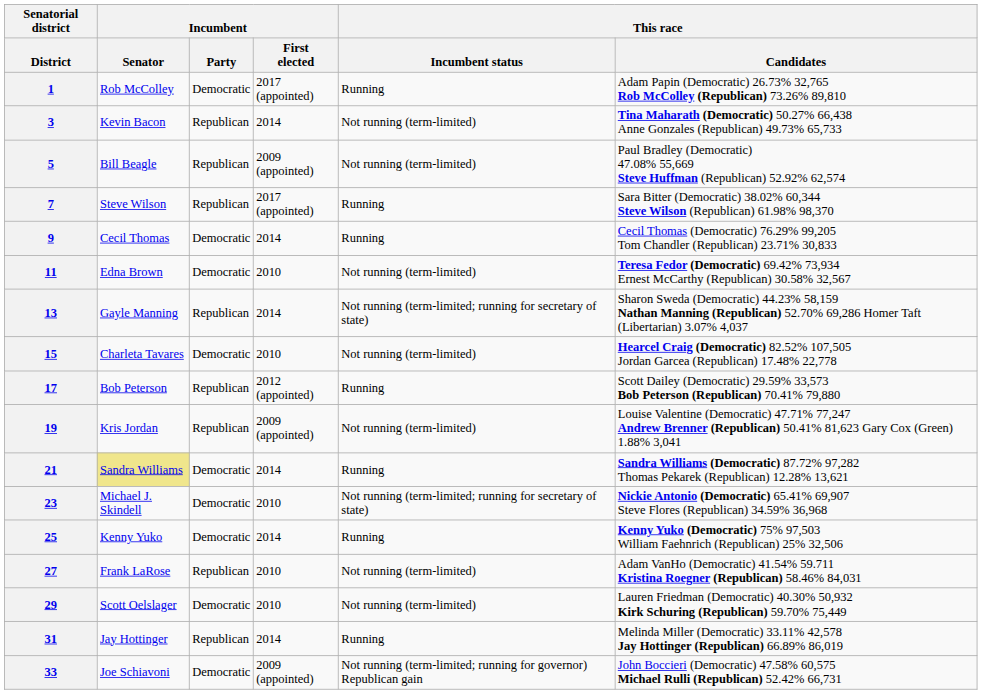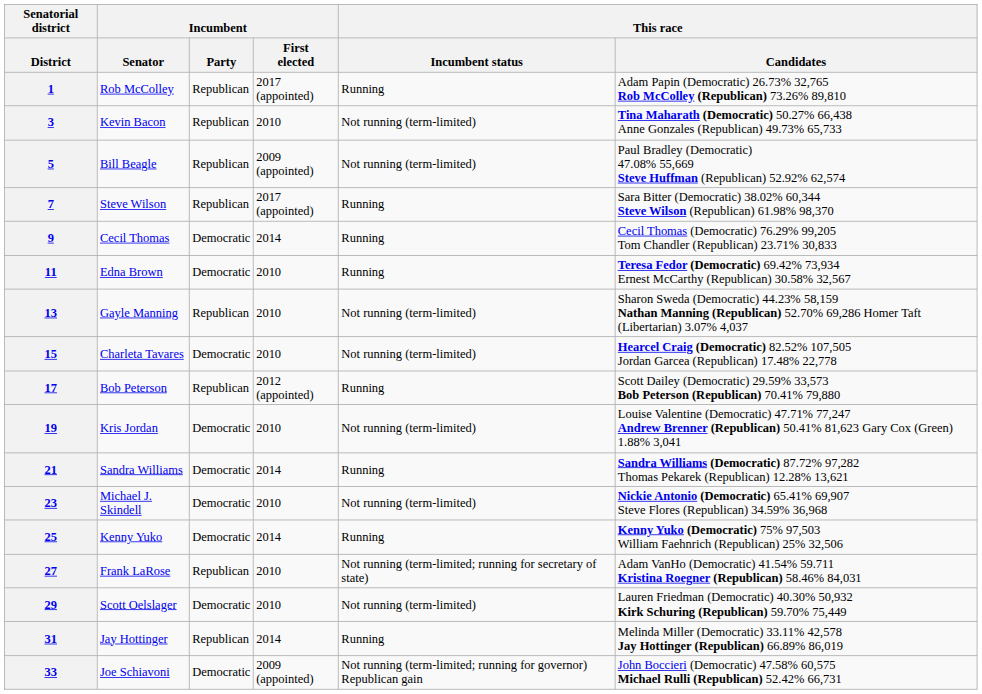 <table class="wikitable sortable">
 <tr valign=bottom>
 <th colspan=1>Senatorial district</th>
 <th colspan=3>Incumbent</th>
 <th colspan=2>This race</th>
 </tr>
 <tr valign=bottom>
 <th>District</th>
 <th>Senator</th>
 <th>Party</th>
 <th>First<br>elected</th>
 <th>Incumbent status</th>
 <th>Candidates</th>
 </tr>
 <tr>
 <th><a href='#'>1</a></th>
 <td><a href='#'>Rob McColley</a></td>
-<td>Democratic</td>
+<td>Republican</td>
 <td>2017 (appointed)</td>
 <td>Running</td>
 <td>Adam Papin (Democratic) 26.73% 32,765<br><strong><a href='#'>Rob McColley</a> (Republican)</strong> 73.26% 89,810</td>
 </tr>
 <tr>
 <th><a href='#'>3</a></th>
 <td><a href='#'>Kevin Bacon</a></td>
 <td>Republican</td>
-<td>2014</td>
+<td>2010</td>
 <td>Not running (term-limited)</td>
 <td><strong><a href='#'>Tina Maharath</a> (Democratic)</strong> 50.27% 66,438<br>Anne Gonzales (Republican) 49.73% 65,733</td>
 </tr>
 <tr>
 <th><a href='#'>5</a></th>
 <td><a href='#'>Bill Beagle</a></td>
 <td>Republican</td>
 <td>2009 (appointed)</td>
 <td>Not running (term-limited)</td>
 <td>Paul Bradley (Democratic)<br> 47.08% 55,669<br><strong><a href='#'>Steve Huffman</a></strong> (Republican) 52.92% 62,574</td>
 </tr>
 <tr>
 <th><a href='#'>7</a></th>
 <td><a href='#'>Steve Wilson</a></td>
 <td>Republican</td>
 <td>2017 (appointed)</td>
 <td>Running</td>
 <td>Sara Bitter (Democratic) 38.02% 60,344<br><strong><a href='#'>Steve Wilson</a></strong> (Republican) 61.98% 98,370</td>
 </tr>
 <tr>
 <th><a href='#'>9</a></th>
 <td><a href='#'>Cecil Thomas</a></td>
 <td>Democratic</td>
 <td>2014</td>
 <td>Running</td>
 <td><a href='#'>Cecil Thomas</a> (Democratic) 76.29% 99,205<br>Tom Chandler (Republican) 23.71% 30,833</td>
 </tr>
 <tr>
 <th><a href='#'>11</a></th>
 <td><a href='#'>Edna Brown</a></td>
 <td>Democratic</td>
 <td>2010</td>
-<td>Not running (term-limited)</td>
+<td>Running</td>
 <td><strong><a href='#'>Teresa Fedor</a> (Democratic)</strong> 69.42% 73,934<br>Ernest McCarthy (Republican) 30.58% 32,567</td>
 </tr>
 <tr>
 <th><a href='#'>13</a></th>
 <td><a href='#'>Gayle Manning</a></td>
 <td>Republican</td>
-<td>2014</td>
-<td>Not running (term-limited; running for secretary of state)</td>
+<td>2010</td>
+<td>Not running (term-limited)</td>
 <td>Sharon Sweda (Democratic) 44.23% 58,159<br><strong>Nathan Manning (Republican)</strong> 52.70% 69,286 Homer Taft (Libertarian)  3.07% 4,037</td>
 </tr>
 <tr>
 <th><a href='#'>15</a></th>
 <td><a href='#'>Charleta Tavares</a></td>
 <td>Democratic</td>
 <td>2010</td>
 <td>Not running (term-limited)</td>
 <td><strong><a href='#'>Hearcel Craig</a> (Democratic)</strong> 82.52% 107,505<br>Jordan Garcea (Republican) 17.48% 22,778</td>
 </tr>
 <tr>
 <th><a href='#'>17</a></th>
 <td><a href='#'>Bob Peterson</a></td>
 <td>Republican</td>
 <td>2012 (appointed)</td>
 <td>Running</td>
 <td>Scott Dailey (Democratic) 29.59% 33,573<br><strong>Bob Peterson (Republican)</strong> 70.41% 79,880</td>
 </tr>
 <tr>
 <th><a href='#'>19</a></th>
 <td><a href='#'>Kris Jordan</a></td>
-<td>Republican</td>
-<td>2009 (appointed)</td>
+<td>Democratic</td>
+<td>2010</td>
 <td>Not running (term-limited)</td>
 <td>Louise Valentine (Democratic) 47.71% 77,247<br><strong><a href='#'>Andrew Brenner</a> (Republican)</strong> 50.41% 81,623 Gary Cox (Green)  1.88% 3,041</td>
 </tr>
 <tr>
 <th><a href='#'>21</a></th>
-<td style="background: khaki;"><a href='#'>Sandra Williams</a></td>
+<td><a href='#'>Sandra Williams</a></td>
 <td>Democratic</td>
 <td>2014</td>
 <td>Running</td>
 <td><strong><a href='#'>Sandra Williams</a> (Democratic)</strong> 87.72% 97,282<br>Thomas Pekarek (Republican) 12.28% 13,621</td>
 </tr>
 <tr>
 <th><a href='#'>23</a></th>
 <td><a href='#'>Michael J. Skindell</a></td>
 <td>Democratic</td>
 <td>2010</td>
-<td>Not running (term-limited; running for secretary of state)</td>
+<td>Not running (term-limited)</td>
 <td><strong><a href='#'>Nickie Antonio</a> (Democratic)</strong> 65.41% 69,907<br>Steve Flores (Republican) 34.59% 36,968</td>
 </tr>
 <tr>
 <th><a href='#'>25</a></th>
 <td><a href='#'>Kenny Yuko</a></td>
 <td>Democratic</td>
 <td>2014</td>
 <td>Running</td>
 <td><strong><a href='#'>Kenny Yuko</a> (Democratic)</strong> 75% 97,503<br>William Faehnrich (Republican) 25% 32,506</td>
 </tr>
 <tr>
 <th><a href='#'>27</a></th>
 <td><a href='#'>Frank LaRose</a></td>
 <td>Republican</td>
 <td>2010</td>
-<td>Not running (term-limited)</td>
+<td>Not running (term-limited; running for secretary of state)</td>
 <td>Adam VanHo (Democratic) 41.54% 59.711<br><strong><a href='#'>Kristina Roegner</a> (Republican)</strong> 58.46% 84,031</td>
 </tr>
 <tr>
 <th><a href='#'>29</a></th>
 <td><a href='#'>Scott Oelslager</a></td>
 <td>Democratic</td>
 <td>2010</td>
 <td>Not running (term-limited)</td>
 <td>Lauren Friedman (Democratic) 40.30% 50,932<br><strong>Kirk Schuring (Republican)</strong> 59.70% 75,449</td>
 </tr>
 <tr>
 <th><a href='#'>31</a></th>
 <td><a href='#'>Jay Hottinger</a></td>
 <td>Republican</td>
 <td>2014</td>
 <td>Running</td>
 <td>Melinda Miller (Democratic) 33.11% 42,578<br><strong>Jay Hottinger (Republican)</strong> 66.89% 86,019</td>
 </tr>
 <tr>
 <th><a href='#'>33</a></th>
 <td><a href='#'>Joe Schiavoni</a></td>
 <td>Democratic</td>
 <td>2009 (appointed)</td>
 <td>Not running (term-limited; running for governor) Republican gain</td>
 <td><a href='#'>John Boccieri</a> (Democratic) 47.58% 60,575<br><strong>Michael Rulli (Republican)</strong> 52.42% 66,731</td>
 </tr>
 </table>
